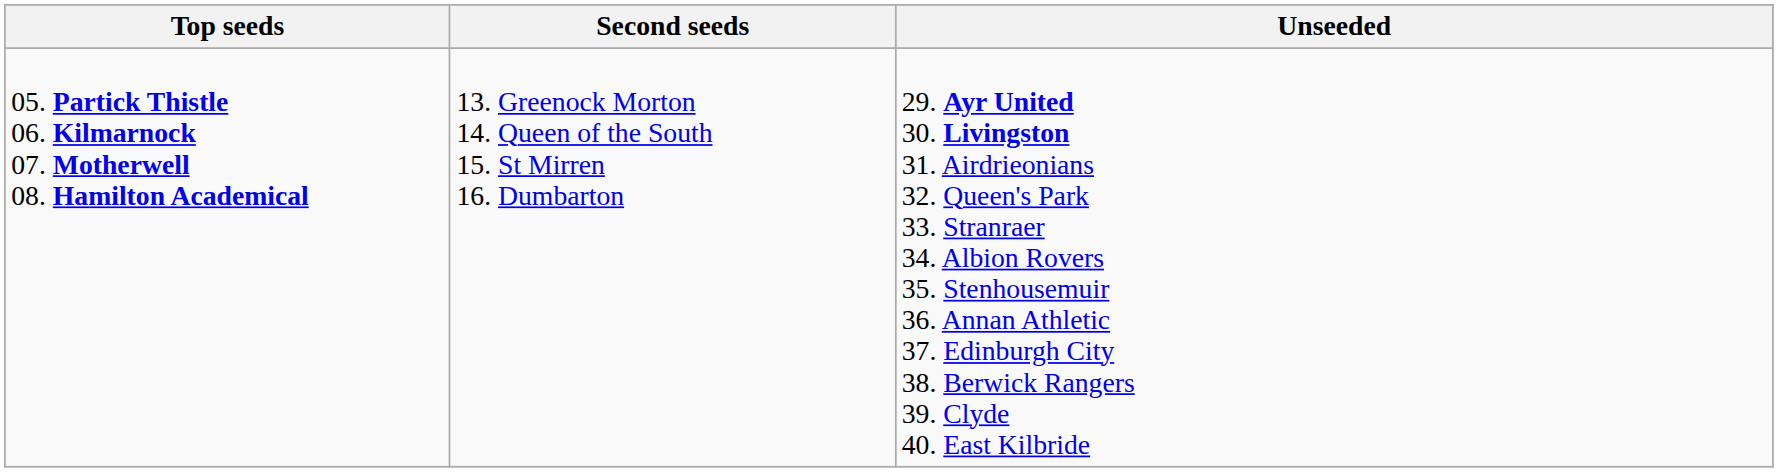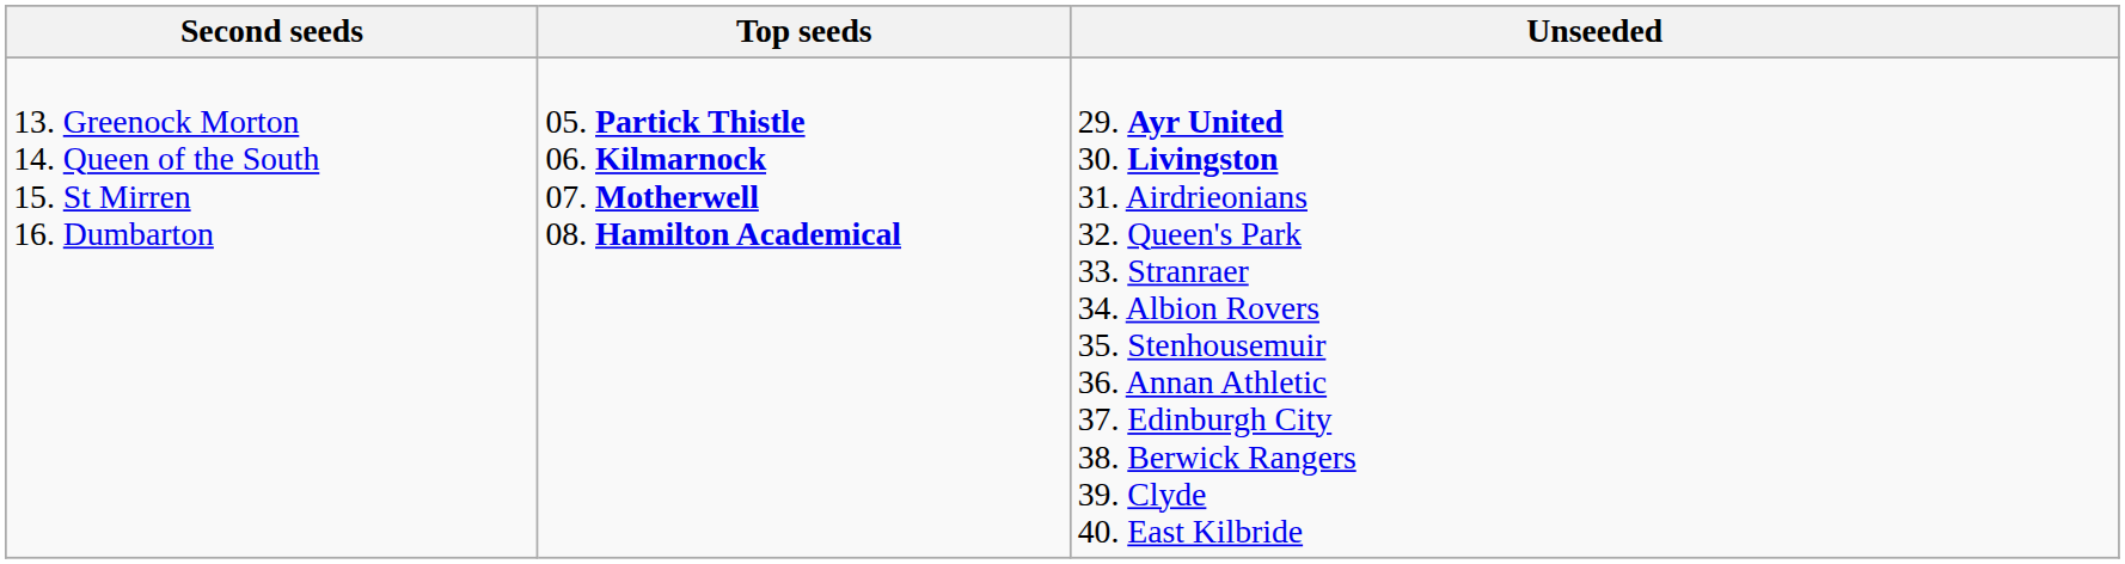 <table class="wikitable">
 <tr>
+<th style="width:250px;">Second seeds</th>
 <th style="width:250px;">Top seeds</th>
-<th style="width:250px;">Second seeds</th>
 <th style="width:500px;">Unseeded</th>
 </tr>
 <tr>
+<td valign=top><br>13. <a href='#'>Greenock Morton</a><br> 14. <a href='#'>Queen of the South</a><br> 15. <a href='#'>St Mirren</a><br> 16. <a href='#'>Dumbarton</a><br></td>
 <td valign=top><br>05. <strong><a href='#'>Partick Thistle</a></strong><br> 06. <strong><a href='#'>Kilmarnock</a></strong><br> 07. <strong><a href='#'>Motherwell</a></strong><br> 08. <strong><a href='#'>Hamilton Academical</a></strong><br></td>
-<td valign=top><br>13. <a href='#'>Greenock Morton</a><br> 14. <a href='#'>Queen of the South</a><br> 15. <a href='#'>St Mirren</a><br> 16. <a href='#'>Dumbarton</a><br></td>
 <td valign=top><br>  29. <strong><a href='#'>Ayr United</a></strong><br> 30. <strong><a href='#'>Livingston</a></strong><br> 31. <a href='#'>Airdrieonians</a><br> 32. <a href='#'>Queen's Park</a><br> 33. <a href='#'>Stranraer</a><br> 34. <a href='#'>Albion Rovers</a><br>  35. <a href='#'>Stenhousemuir</a><br> 36. <a href='#'>Annan Athletic</a><br> 37. <a href='#'>Edinburgh City</a><br> 38. <a href='#'>Berwick Rangers</a><br> 39. <a href='#'>Clyde</a><br> 40. <a href='#'>East Kilbride</a><br> </td>
 </tr>
 </table>
